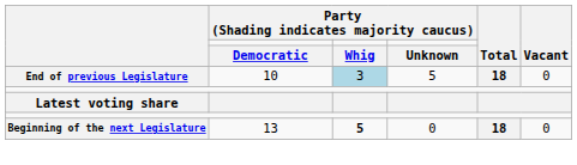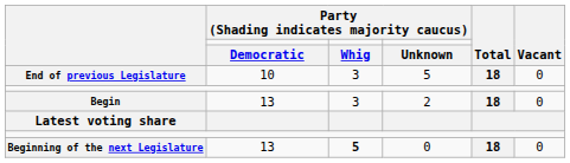 <table class=wikitable style="text-align:center">
 <tr style="vertical-align:bottom;">
 <th rowspan=3></th>
 <th colspan=3>Party <div>(Shading indicates majority caucus)</div></th>
 <th rowspan=3>Total</th>
 <th rowspan=3>Vacant</th>
 </tr>
 <tr style="height:5px">
 <td style="background-color:"></td>
 <td style="background-color:"></td>
 <td style="background-color:"></td>
 </tr>
 <tr>
 <th><a href='#'>Democratic</a></th>
 <th><a href='#'>Whig</a></th>
 <th>Unknown</th>
 </tr>
 <tr>
 <th style="white-space:nowrap; font-size:80%;">End of <a href='#'>previous Legislature</a></th>
 <td>10</td>
-<td style="background: lightblue;">3</td>
+<td>3</td>
 <td>5</td>
 <th>18</th>
 <td>0</td>
 </tr>
 <tr>
 <td colspan=6></td>
+</tr>
+<tr>
+<th style="font-size:80%">Begin</th>
+<td>13</td>
+<td>3</td>
+<td>2</td>
+<th>18</th>
+<td>0</td>
 </tr>
 <tr>
 <th>Latest voting share</th>
 <th></th>
 <th></th>
 <th></th>
 <th colspan=2></th>
 </tr>
 <tr>
 <td colspan=6></td>
 </tr>
 <tr>
 <th style="white-space:nowrap; font-size:80%;">Beginning of the <a href='#'>next Legislature</a></th>
 <td>13</td>
 <td><strong>5</strong></td>
 <td>0</td>
 <th>18</th>
 <td>0</td>
 </tr>
 </table>
